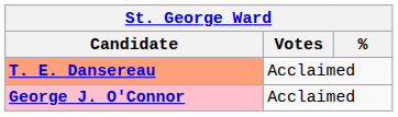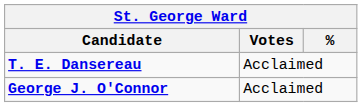 <table class="wikitable">
 <tr>
 <th colspan="3"><a href='#'>St. George Ward</a></th>
 </tr>
 <tr>
 <th style="width: 200px">Candidate</th>
 <th style="width: 50px">Votes</th>
 <th style="width: 40px">%</th>
 </tr>
 <tr>
-<td style="background: lightsalmon;"><strong><a href='#'>T. E. Dansereau</a></strong></td>
+<td><strong><a href='#'>T. E. Dansereau</a></strong></td>
 <td colspan="2">Acclaimed</td>
 </tr>
 <tr>
-<td style="background: pink;"><strong><a href='#'>George J. O'Connor</a></strong></td>
+<td><strong><a href='#'>George J. O'Connor</a></strong></td>
 <td colspan="2">Acclaimed</td>
 </tr>
 </table>
